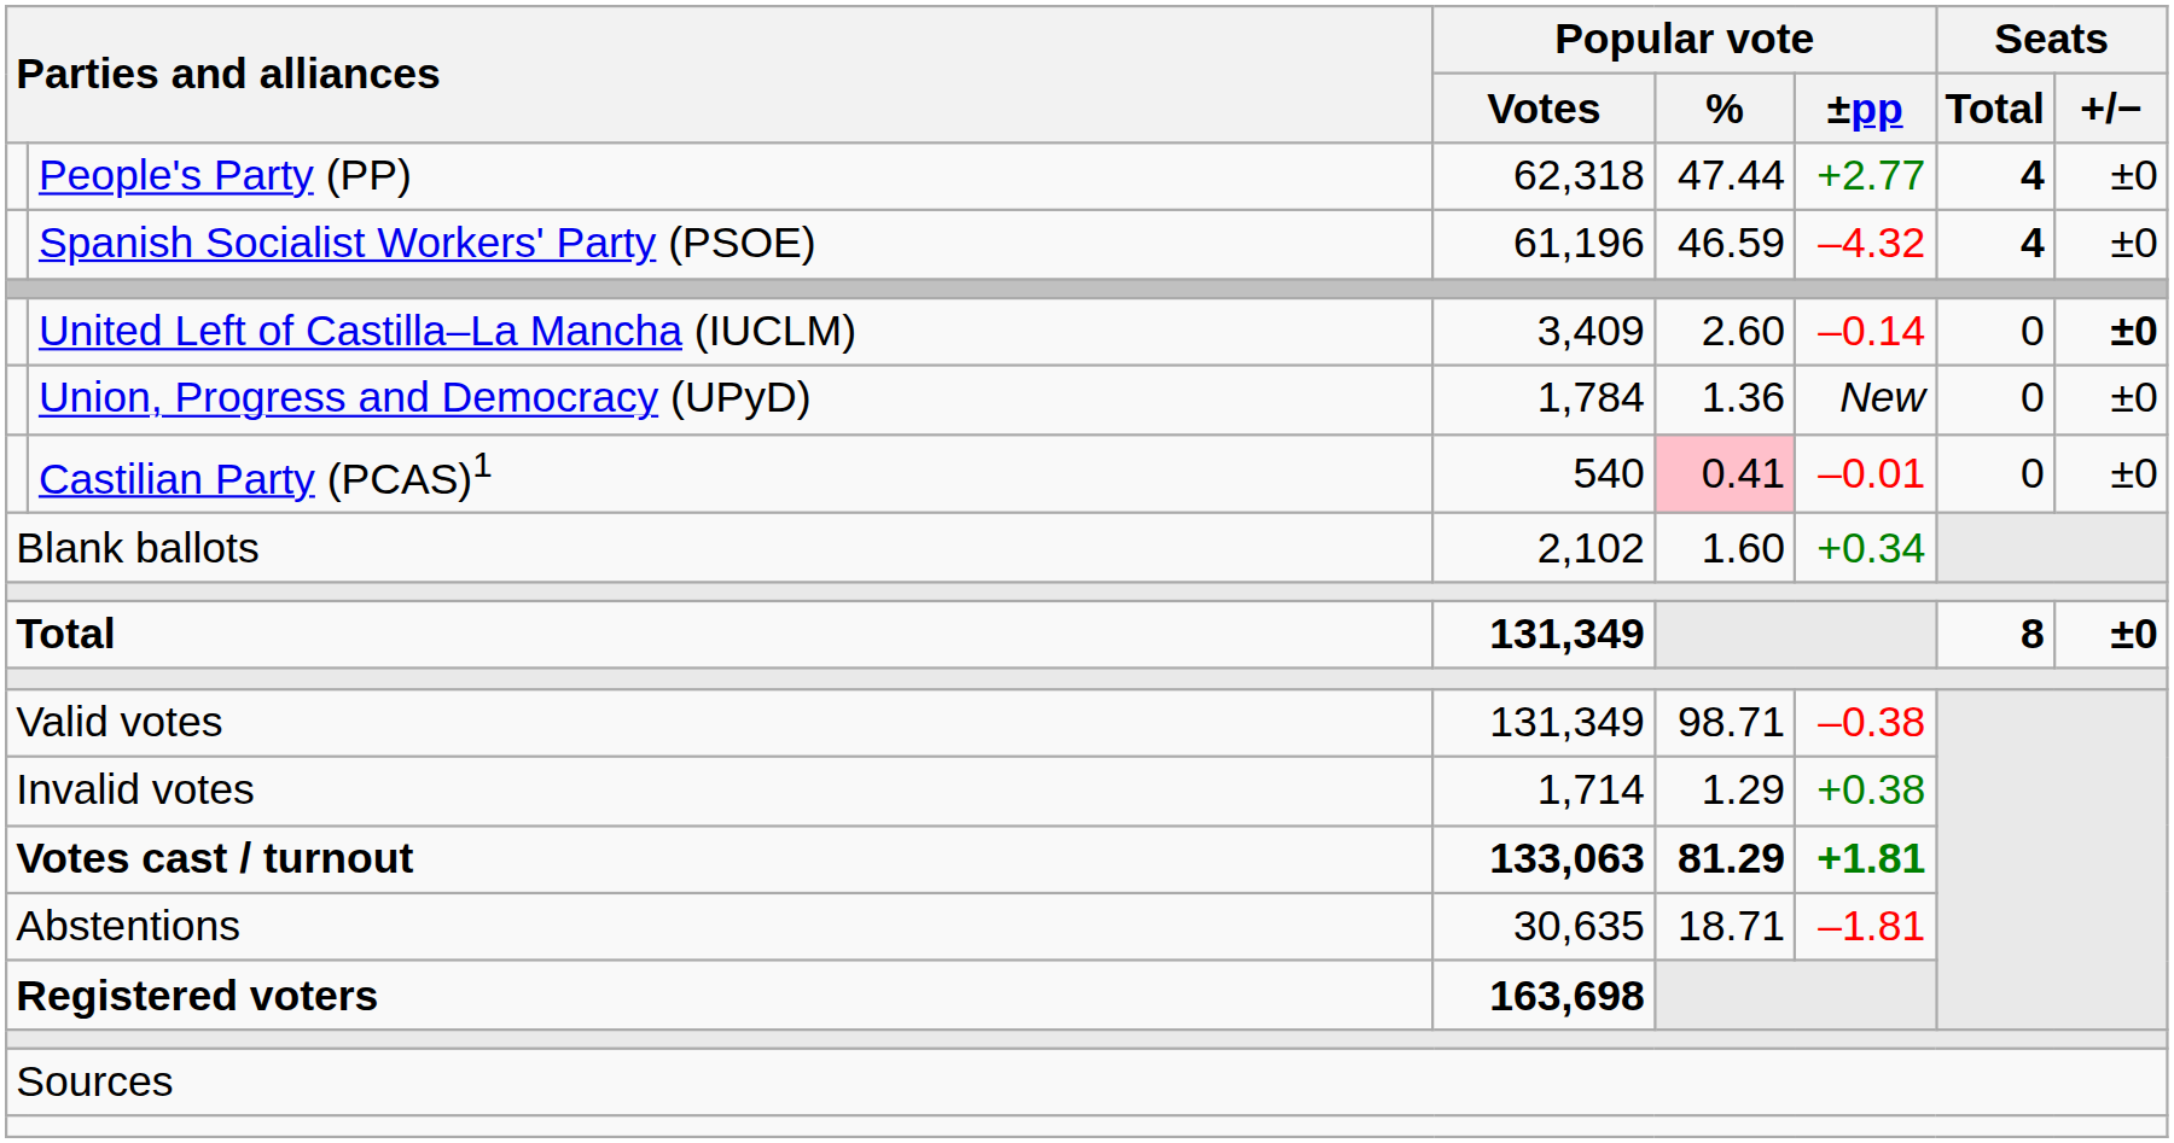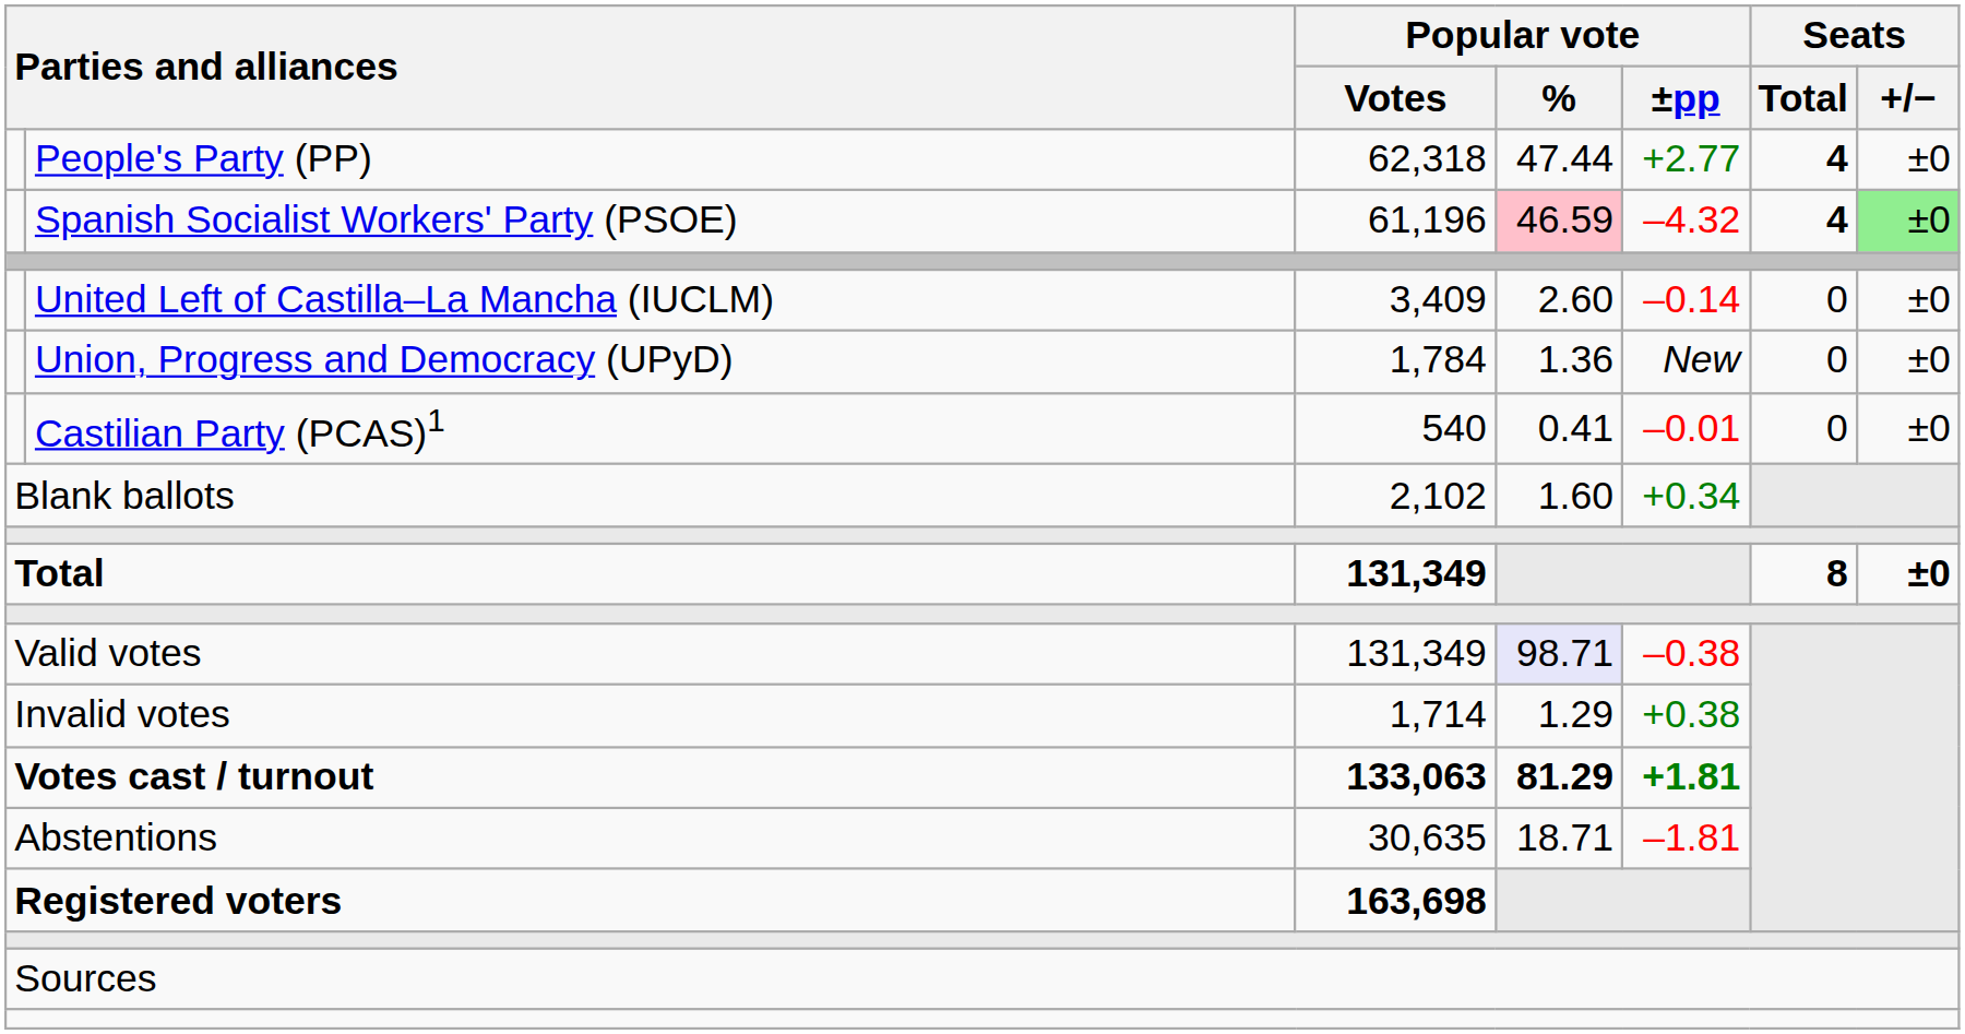 <table class="wikitable" style="text-align:right;">
 <tr>
 <th style="text-align:left;" rowspan="2" colspan="2" width="525">Parties and alliances</th>
 <th colspan="3">Popular vote</th>
 <th colspan="2">Seats</th>
 </tr>
 <tr>
 <th width="75">Votes</th>
 <th width="45">%</th>
 <th width="45">±<a href='#'>pp</a></th>
 <th width="35">Total</th>
 <th width="35">+/−</th>
 </tr>
 <tr>
 <td width="1" style="color:inherit;background:"></td>
 <td align="left"><a href='#'>People's Party</a> (PP)</td>
 <td>62,318</td>
 <td>47.44</td>
 <td style="color:green;">+2.77</td>
 <td><strong>4</strong></td>
 <td>±0</td>
 </tr>
 <tr>
 <td style="color:inherit;background:"></td>
 <td align="left"><a href='#'>Spanish Socialist Workers' Party</a> (PSOE)</td>
 <td>61,196</td>
-<td>46.59</td>
+<td style="background: pink;">46.59</td>
 <td style="color:red;">–4.32</td>
 <td><strong>4</strong></td>
-<td>±0</td>
+<td style="background: lightgreen;">±0</td>
 </tr>
 <tr>
 <td colspan="7" bgcolor="#C0C0C0"></td>
 </tr>
 <tr>
 <td style="color:inherit;background:"></td>
 <td align="left"><a href='#'>United Left of Castilla–La Mancha</a> (IUCLM)</td>
 <td>3,409</td>
 <td>2.60</td>
 <td style="color:red;">–0.14</td>
 <td>0</td>
-<td><strong>±0</strong></td>
+<td>±0</td>
 </tr>
 <tr>
 <td style="color:inherit;background:"></td>
 <td align="left"><a href='#'>Union, Progress and Democracy</a> (UPyD)</td>
 <td>1,784</td>
 <td>1.36</td>
 <td><em>New</em></td>
 <td>0</td>
 <td>±0</td>
 </tr>
 <tr>
 <td style="color:inherit;background:"></td>
 <td align="left"><a href='#'>Castilian Party</a> (PCAS)<sup>1</sup></td>
 <td>540</td>
-<td style="background: pink;">0.41</td>
+<td>0.41</td>
 <td style="color:red;">–0.01</td>
 <td>0</td>
 <td>±0</td>
 </tr>
 <tr>
 <td align="left" colspan="2">Blank ballots</td>
 <td>2,102</td>
 <td>1.60</td>
 <td style="color:green;">+0.34</td>
 <td bgcolor="#E9E9E9" colspan="2"></td>
 </tr>
 <tr>
 <td colspan="7" bgcolor="#E9E9E9"></td>
 </tr>
 <tr style="font-weight:bold;">
 <td align="left" colspan="2">Total</td>
 <td>131,349</td>
 <td bgcolor="#E9E9E9" colspan="2"></td>
 <td>8</td>
 <td>±0</td>
 </tr>
 <tr>
 <td colspan="7" bgcolor="#E9E9E9"></td>
 </tr>
 <tr>
 <td align="left" colspan="2">Valid votes</td>
 <td>131,349</td>
-<td>98.71</td>
+<td style="background: lavender;">98.71</td>
 <td style="color:red;">–0.38</td>
 <td bgcolor="#E9E9E9" colspan="2" rowspan="5"></td>
 </tr>
 <tr>
 <td align="left" colspan="2">Invalid votes</td>
 <td>1,714</td>
 <td>1.29</td>
 <td style="color:green;">+0.38</td>
 </tr>
 <tr style="font-weight:bold;">
 <td align="left" colspan="2">Votes cast / turnout</td>
 <td>133,063</td>
 <td>81.29</td>
 <td style="color:green;">+1.81</td>
 </tr>
 <tr>
 <td align="left" colspan="2">Abstentions</td>
 <td>30,635</td>
 <td>18.71</td>
 <td style="color:red;">–1.81</td>
 </tr>
 <tr style="font-weight:bold;">
 <td align="left" colspan="2">Registered voters</td>
 <td>163,698</td>
 <td bgcolor="#E9E9E9" colspan="2"></td>
 </tr>
 <tr>
 <td colspan="7" bgcolor="#E9E9E9"></td>
 </tr>
 <tr>
 <td align="left" colspan="7">Sources</td>
 </tr>
 <tr>
 <td colspan="7" style="text-align:left; max-width:790px;"></td>
 </tr>
 </table>
